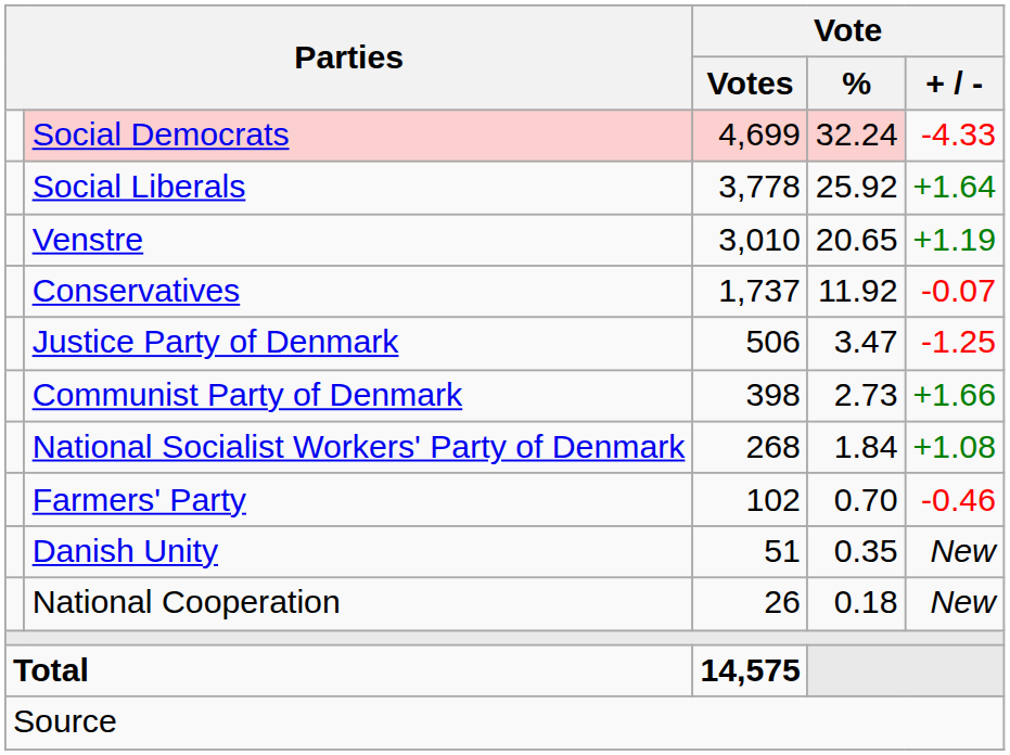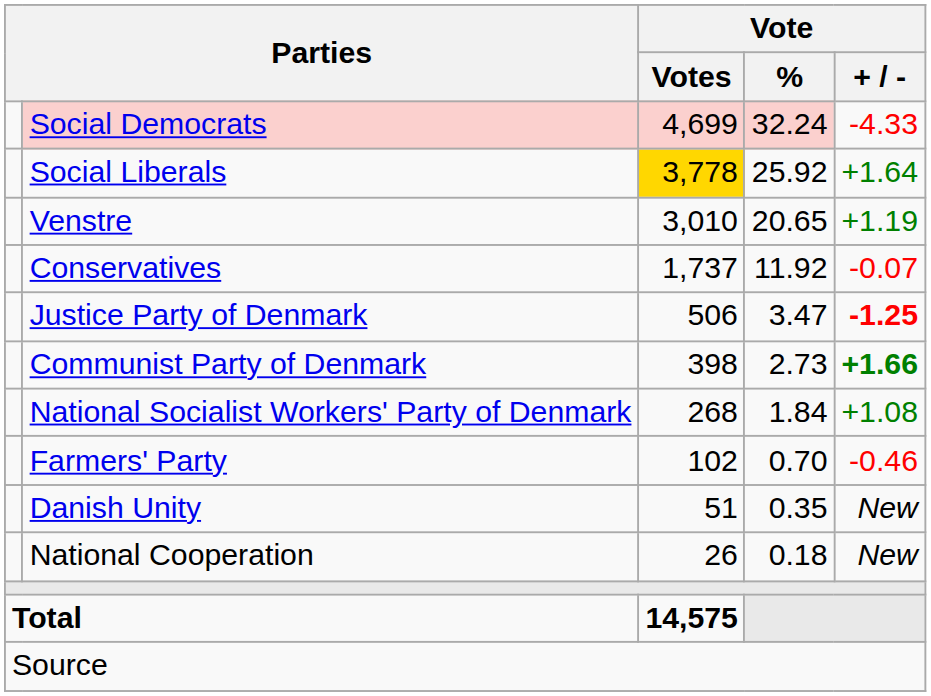 <table class="wikitable" style="text-align:right;">
 <tr>
 <th style="text-align:centre;" rowspan="2" colspan="2" width="225">Parties</th>
 <th colspan="3">Vote</th>
 </tr>
 <tr>
 <th width="15">Votes</th>
 <th width="15">%</th>
 <th width="15">+ / -</th>
 </tr>
 <tr>
 <td width="2" style="color:inherit;background:"></td>
 <td bgcolor=#fbd0ce  align="left"><a href='#'>Social Democrats</a></td>
 <td bgcolor=#fbd0ce>4,699</td>
 <td bgcolor=#fbd0ce>32.24</td>
 <td style=color:red;>-4.33</td>
 </tr>
 <tr>
 <td width="2" style="color:inherit;background:"></td>
 <td align="left"><a href='#'>Social Liberals</a></td>
-<td>3,778</td>
+<td style="background: gold;">3,778</td>
 <td>25.92</td>
 <td style=color:green;>+1.64</td>
 </tr>
 <tr>
 <td width="2" style="color:inherit;background:"></td>
 <td align="left"><a href='#'>Venstre</a></td>
 <td>3,010</td>
 <td>20.65</td>
 <td style=color:green;>+1.19</td>
 </tr>
 <tr>
 <td width="2" style="color:inherit;background:"></td>
 <td align="left"><a href='#'>Conservatives</a></td>
 <td>1,737</td>
 <td>11.92</td>
 <td style=color:red;>-0.07</td>
 </tr>
 <tr>
 <td width="2" style="color:inherit;background:"></td>
 <td align="left"><a href='#'>Justice Party of Denmark</a></td>
 <td>506</td>
 <td>3.47</td>
-<td style=color:red;>-1.25</td>
+<td style=color:red;><strong>-1.25</strong></td>
 </tr>
 <tr>
 <td width="2" style="color:inherit;background:"></td>
 <td align="left"><a href='#'>Communist Party of Denmark</a></td>
 <td>398</td>
 <td>2.73</td>
-<td style=color:green;>+1.66</td>
+<td style=color:green;><strong>+1.66</strong></td>
 </tr>
 <tr>
 <td width="2" style="color:inherit;background:"></td>
 <td align="left"><a href='#'>National Socialist Workers' Party of Denmark</a></td>
 <td>268</td>
 <td>1.84</td>
 <td style=color:green;>+1.08</td>
 </tr>
 <tr>
 <td width="2" style="color:inherit;background:"></td>
 <td align="left"><a href='#'>Farmers' Party</a></td>
 <td>102</td>
 <td>0.70</td>
 <td style=color:red;>-0.46</td>
 </tr>
 <tr>
 <td width="2" style="color:inherit;background:"></td>
 <td align="left"><a href='#'>Danish Unity</a></td>
 <td>51</td>
 <td>0.35</td>
 <td><em>New</em></td>
 </tr>
 <tr>
 <td width="2" style="color:inherit;background:"></td>
 <td align="left">National Cooperation</td>
 <td>26</td>
 <td>0.18</td>
 <td><em>New</em></td>
 </tr>
 <tr>
 <td colspan="7" bgcolor="#E9E9E9"></td>
 </tr>
 <tr>
 <td align="left" colspan="2"><strong>Total</strong></td>
 <td><strong>14,575</strong></td>
 <td bgcolor="#E9E9E9" colspan="2"></td>
 </tr>
 <tr>
 <td align="left" colspan="6">Source</td>
 </tr>
 </table>
